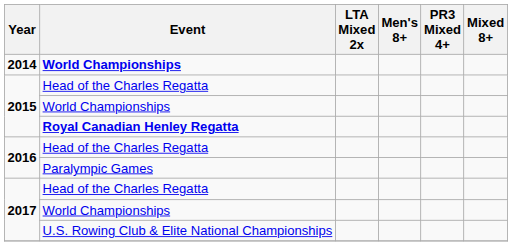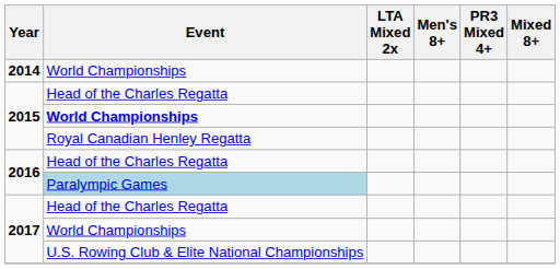 <table class="wikitable" style="text-align:center; font-size:95%;">
 <tr>
 <th align=center>Year</th>
 <th align=center>Event</th>
 <th style="width:30px;">LTA Mixed 2x</th>
 <th style="width:30px;">Men's 8+</th>
 <th style="width:30px;">PR3 Mixed 4+</th>
 <th style="width:30px;">Mixed 8+</th>
 </tr>
 <tr>
 <td rowspan="1"><strong>2014</strong></td>
-<td align=left><strong><a href='#'>World Championships</a></strong></td>
+<td align=left><a href='#'>World Championships</a></td>
 <td></td>
 <td></td>
 <td></td>
 <td></td>
 </tr>
 <tr>
 <td rowspan="3"><strong>2015</strong></td>
 <td align=left><a href='#'>Head of the Charles Regatta</a></td>
 <td></td>
 <td></td>
 <td></td>
 <td></td>
 </tr>
 <tr>
-<td align=left><a href='#'>World Championships</a></td>
+<td align=left><strong><a href='#'>World Championships</a></strong></td>
 <td></td>
 <td></td>
 <td></td>
 <td></td>
 </tr>
 <tr>
-<td align=left><strong><a href='#'>Royal Canadian Henley Regatta</a></strong></td>
+<td align=left><a href='#'>Royal Canadian Henley Regatta</a></td>
 <td></td>
 <td></td>
 <td></td>
 <td></td>
 </tr>
 <tr>
 <td rowspan="2"><strong>2016</strong></td>
 <td align=left><a href='#'>Head of the Charles Regatta</a></td>
 <td></td>
 <td></td>
 <td></td>
 <td></td>
 </tr>
 <tr>
-<td align=left><a href='#'>Paralympic Games</a></td>
+<td align=left style="background: lightblue;"><a href='#'>Paralympic Games</a></td>
 <td></td>
 <td></td>
 <td></td>
 <td></td>
 </tr>
 <tr>
 <td rowspan="3"><strong>2017</strong></td>
 <td align=left><a href='#'>Head of the Charles Regatta</a></td>
 <td></td>
 <td></td>
 <td></td>
 <td></td>
 </tr>
 <tr>
 <td align=left><a href='#'>World Championships</a></td>
 <td></td>
 <td></td>
 <td></td>
 <td></td>
 </tr>
 <tr>
 <td align=left><a href='#'>U.S. Rowing Club & Elite National Championships</a></td>
 <td></td>
 <td></td>
 <td></td>
 <td></td>
 </tr>
 <tr>
 </tr>
 </table>
